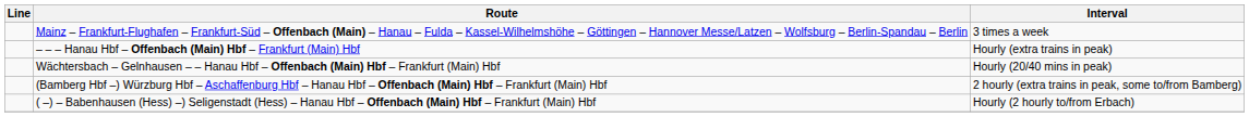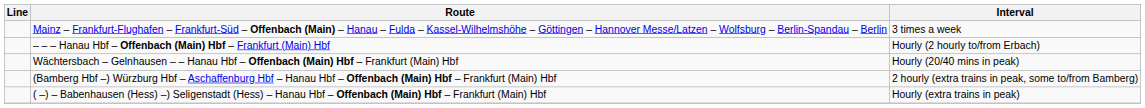 <table class="wikitable">
 <tr>
 <th>Line</th>
 <th>Route</th>
 <th>Interval</th>
 </tr>
 <tr>
 <td></td>
 <td><a href='#'>Mainz</a> – <a href='#'>Frankfurt-Flughafen</a> – <a href='#'>Frankfurt-Süd</a> – <strong>Offenbach (Main)</strong> – <a href='#'>Hanau</a> – <a href='#'>Fulda</a> – <a href='#'>Kassel-Wilhelmshöhe</a> – <a href='#'>Göttingen</a> – <a href='#'>Hannover Messe/Latzen</a> – <a href='#'>Wolfsburg</a> – <a href='#'>Berlin-Spandau</a> – <a href='#'>Berlin</a></td>
 <td>3 times a week</td>
 </tr>
 <tr>
 <td></td>
 <td> –  –  – Hanau Hbf – <strong>Offenbach (Main) Hbf</strong> – <a href='#'>Frankfurt (Main) Hbf</a></td>
-<td>Hourly (extra trains in peak)</td>
+<td>Hourly (2 hourly to/from Erbach)</td>
 </tr>
 <tr>
 <td></td>
 <td>Wächtersbach – Gelnhausen –  – Hanau Hbf – <strong>Offenbach (Main) Hbf</strong> – Frankfurt (Main) Hbf</td>
 <td>Hourly (20/40 mins in peak)</td>
 </tr>
 <tr>
 <td></td>
 <td>(Bamberg Hbf –) Würzburg Hbf – <a href='#'>Aschaffenburg Hbf</a> – Hanau Hbf – <strong>Offenbach (Main) Hbf</strong> – Frankfurt (Main) Hbf</td>
 <td>2 hourly (extra trains in peak, some to/from Bamberg)</td>
 </tr>
 <tr>
 <td></td>
 <td>( –)  – Babenhausen (Hess) –) Seligenstadt (Hess) – Hanau Hbf – <strong>Offenbach (Main) Hbf</strong> – Frankfurt (Main) Hbf</td>
-<td>Hourly (2 hourly to/from Erbach)</td>
+<td>Hourly (extra trains in peak)</td>
 </tr>
 <tr>
 </tr>
 </table>
